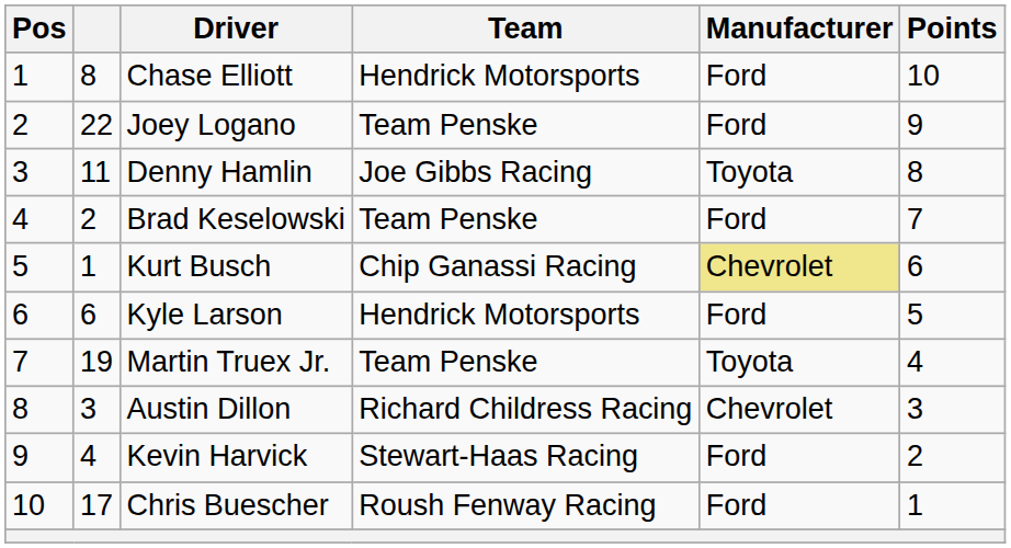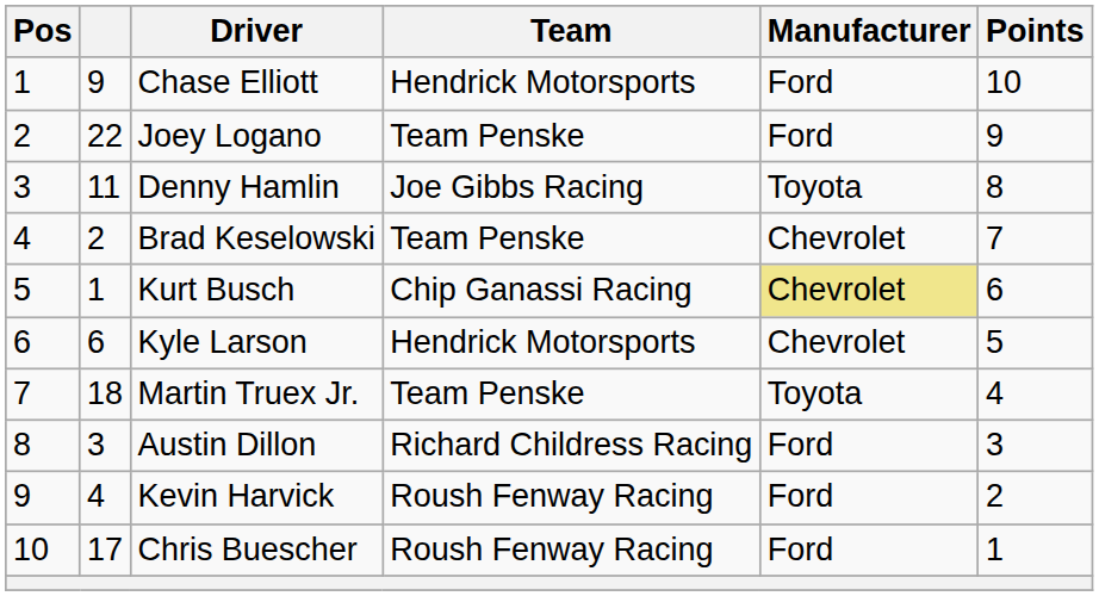 <table class="wikitable" style="font-size:98%">
 <tr>
 <th>Pos</th>
 <th></th>
 <th>Driver</th>
 <th>Team</th>
 <th>Manufacturer</th>
 <th>Points</th>
 </tr>
 <tr>
 <td>1</td>
-<td>8</td>
+<td>9</td>
 <td>Chase Elliott</td>
 <td>Hendrick Motorsports</td>
 <td>Ford</td>
 <td>10</td>
 </tr>
 <tr>
 <td>2</td>
 <td>22</td>
 <td>Joey Logano</td>
 <td>Team Penske</td>
 <td>Ford</td>
 <td>9</td>
 </tr>
 <tr>
 <td>3</td>
 <td>11</td>
 <td>Denny Hamlin</td>
 <td>Joe Gibbs Racing</td>
 <td>Toyota</td>
 <td>8</td>
 </tr>
 <tr>
 <td>4</td>
 <td>2</td>
 <td>Brad Keselowski</td>
 <td>Team Penske</td>
-<td>Ford</td>
+<td>Chevrolet</td>
 <td>7</td>
 </tr>
 <tr>
 <td>5</td>
 <td>1</td>
 <td>Kurt Busch</td>
 <td>Chip Ganassi Racing</td>
 <td style="background: khaki;">Chevrolet</td>
 <td>6</td>
 </tr>
 <tr>
 <td>6</td>
 <td>6</td>
 <td>Kyle Larson</td>
 <td>Hendrick Motorsports</td>
-<td>Ford</td>
+<td>Chevrolet</td>
 <td>5</td>
 </tr>
 <tr>
 <td>7</td>
-<td>19</td>
+<td>18</td>
 <td>Martin Truex Jr.</td>
 <td>Team Penske</td>
 <td>Toyota</td>
 <td>4</td>
 </tr>
 <tr>
 <td>8</td>
 <td>3</td>
 <td>Austin Dillon</td>
 <td>Richard Childress Racing</td>
-<td>Chevrolet</td>
+<td>Ford</td>
 <td>3</td>
 </tr>
 <tr>
 <td>9</td>
 <td>4</td>
 <td>Kevin Harvick</td>
-<td>Stewart-Haas Racing</td>
+<td>Roush Fenway Racing</td>
 <td>Ford</td>
 <td>2</td>
 </tr>
 <tr>
 <td>10</td>
 <td>17</td>
 <td>Chris Buescher</td>
 <td>Roush Fenway Racing</td>
 <td>Ford</td>
 <td>1</td>
 </tr>
 <tr>
 <th colspan="6"></th>
 </tr>
 </table>
